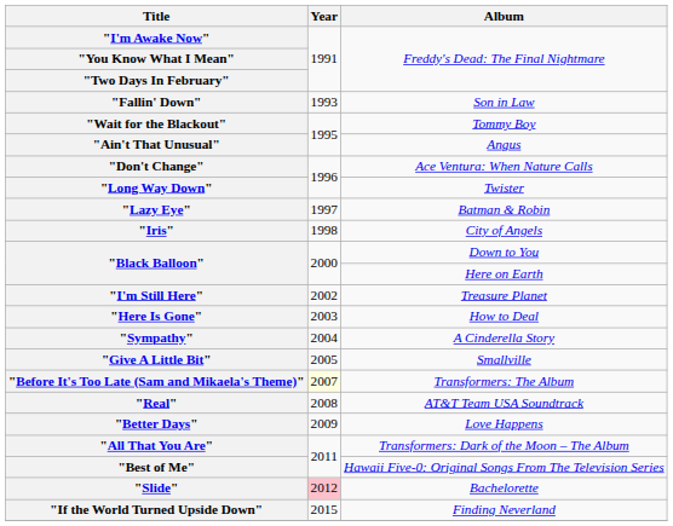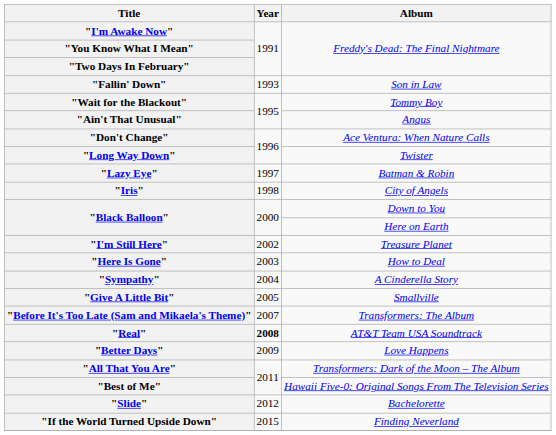 <table class="wikitable plainrowheaders" style="text-align:center;">
 <tr>
 <th scope="col">Title</th>
 <th scope="col">Year</th>
 <th scope="col">Album</th>
 </tr>
 <tr>
 <th scope="row">"<a href='#'>I'm Awake Now</a>"</th>
 <td rowspan="3">1991</td>
 <td rowspan="3"><em><a href='#'>Freddy's Dead: The Final Nightmare</a></em></td>
 </tr>
 <tr>
 <th scope="row">"You Know What I Mean"</th>
 </tr>
 <tr>
 <th scope="row">"Two Days In February"</th>
 </tr>
 <tr>
 <th scope="row">"Fallin' Down"</th>
 <td>1993</td>
 <td><em><a href='#'>Son in Law</a></em></td>
 </tr>
 <tr>
 <th scope="row">"Wait for the Blackout"</th>
 <td rowspan="2">1995</td>
 <td><em><a href='#'>Tommy Boy</a></em></td>
 </tr>
 <tr>
 <th scope="row">"Ain't That Unusual"</th>
 <td><em><a href='#'>Angus</a></em></td>
 </tr>
 <tr>
 <th scope="row">"Don't Change"</th>
 <td rowspan="2">1996</td>
 <td><em><a href='#'>Ace Ventura: When Nature Calls</a></em></td>
 </tr>
 <tr>
 <th scope="row">"<a href='#'>Long Way Down</a>"</th>
 <td><em><a href='#'>Twister</a></em></td>
 </tr>
 <tr>
 <th scope="row">"<a href='#'>Lazy Eye</a>"</th>
 <td>1997</td>
 <td><em><a href='#'>Batman & Robin</a></em></td>
 </tr>
 <tr>
 <th scope="row">"<a href='#'>Iris</a>"</th>
 <td>1998</td>
 <td><em><a href='#'>City of Angels</a></em></td>
 </tr>
 <tr>
 <th scope="row" rowspan="2">"<a href='#'>Black Balloon</a>"</th>
 <td rowspan="2">2000</td>
 <td><em><a href='#'>Down to You</a></em></td>
 </tr>
 <tr>
 <td><em><a href='#'>Here on Earth</a></em></td>
 </tr>
 <tr>
 <th scope="row">"<a href='#'>I'm Still Here</a>"</th>
 <td>2002</td>
 <td><em><a href='#'>Treasure Planet</a></em></td>
 </tr>
 <tr>
 <th scope="row">"<a href='#'>Here Is Gone</a>"</th>
 <td>2003</td>
 <td><em><a href='#'>How to Deal</a></em></td>
 </tr>
 <tr>
 <th scope="row">"<a href='#'>Sympathy</a>"</th>
 <td>2004</td>
 <td><em><a href='#'>A Cinderella Story</a></em></td>
 </tr>
 <tr>
 <th scope="row">"<a href='#'>Give A Little Bit</a>"</th>
 <td>2005</td>
 <td><em><a href='#'>Smallville</a></em></td>
 </tr>
 <tr>
 <th scope="row">"<a href='#'>Before It's Too Late (Sam and Mikaela's Theme)</a>"</th>
-<td style="background: lightyellow;">2007</td>
+<td>2007</td>
 <td><em><a href='#'>Transformers: The Album</a></em></td>
 </tr>
 <tr>
 <th scope="row">"<a href='#'>Real</a>"</th>
-<td>2008</td>
+<td><strong>2008</strong></td>
 <td><em><a href='#'>AT&T Team USA Soundtrack</a></em></td>
 </tr>
 <tr>
 <th scope="row">"<a href='#'>Better Days</a>"</th>
 <td>2009</td>
 <td><em><a href='#'>Love Happens</a></em></td>
 </tr>
 <tr>
 <th scope="row">"<a href='#'>All That You Are</a>"</th>
 <td rowspan="2">2011</td>
 <td><em><a href='#'>Transformers: Dark of the Moon – The Album</a></em></td>
 </tr>
 <tr>
 <th scope="row">"Best of Me"</th>
 <td><em><a href='#'>Hawaii Five-0: Original Songs From The Television Series</a></em></td>
 </tr>
 <tr>
 <th scope="row">"<a href='#'>Slide</a>"</th>
-<td style="background: pink;">2012</td>
+<td>2012</td>
 <td><em><a href='#'>Bachelorette</a></em></td>
 </tr>
 <tr>
 <th scope="row">"If the World Turned Upside Down"</th>
 <td>2015</td>
 <td><em><a href='#'>Finding Neverland</a></em></td>
 </tr>
 <tr>
 </tr>
 </table>
